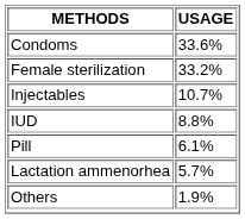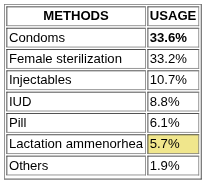 <table border="1"  cellpadding="2">
 <tr --->
 <th scope="col" width="width:20em;">METHODS</th>
 <th scope="col" width="width:20em;">USAGE</th>
 </tr>
 <tr>
 <td>Condoms</td>
-<td>33.6%</td>
+<td><strong>33.6%</strong></td>
 </tr>
 <tr>
 <td>Female sterilization</td>
 <td>33.2%</td>
 </tr>
 <tr>
 <td>Injectables</td>
 <td>10.7%</td>
 </tr>
 <tr>
 <td>IUD</td>
 <td>8.8%</td>
 </tr>
 <tr>
 <td>Pill</td>
 <td>6.1%</td>
 </tr>
 <tr>
 <td>Lactation ammenorhea</td>
-<td>5.7%</td>
+<td style="background: khaki;">5.7%</td>
 </tr>
 <tr>
 <td>Others</td>
 <td>1.9%</td>
 </tr>
 <tr --->
 </tr>
 </table>
